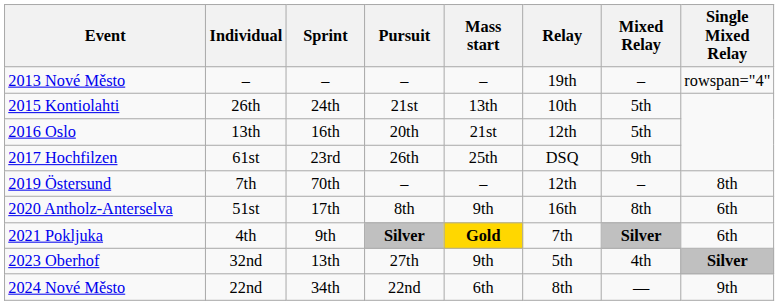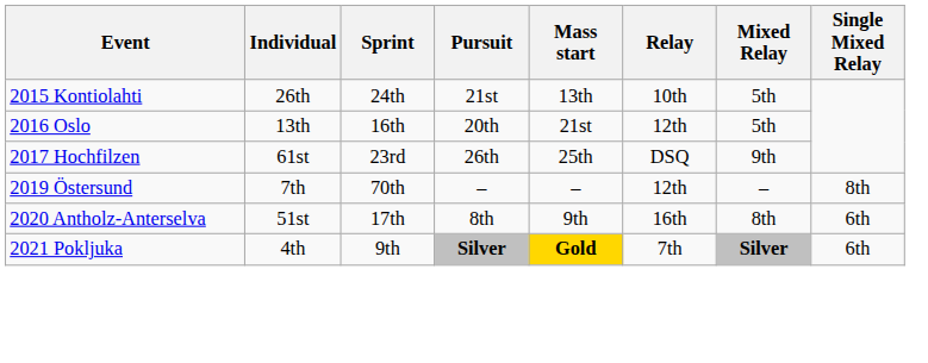 <table class="wikitable" style="text-align: center;">
 <tr>
 <th style="width:190px;">Event</th>
 <th style="width:70px;">Individual</th>
 <th style="width:70px;">Sprint</th>
 <th style="width:70px;">Pursuit</th>
 <th style="width:70px;">Mass start</th>
 <th style="width:70px;">Relay</th>
 <th style="width:70px;">Mixed Relay</th>
 <th style="width:70px;">Single Mixed Relay</th>
-</tr>
-<tr>
-<td align=left> <a href='#'>2013 Nové Město</a></td>
-<td>–</td>
-<td>–</td>
-<td>–</td>
-<td>–</td>
-<td>19th</td>
-<td>–</td>
-<td>rowspan="4" </td>
 </tr>
 <tr>
 <td align=left> <a href='#'>2015 Kontiolahti</a></td>
 <td>26th</td>
 <td>24th</td>
 <td>21st</td>
 <td>13th</td>
 <td>10th</td>
 <td>5th</td>
 </tr>
 <tr>
 <td align=left> <a href='#'>2016 Oslo</a></td>
 <td>13th</td>
 <td>16th</td>
 <td>20th</td>
 <td>21st</td>
 <td>12th</td>
 <td>5th</td>
 </tr>
 <tr>
 <td align=left> <a href='#'>2017 Hochfilzen</a></td>
 <td>61st</td>
 <td>23rd</td>
 <td>26th</td>
 <td>25th</td>
 <td>DSQ</td>
 <td>9th</td>
 </tr>
 <tr>
 <td align=left> <a href='#'>2019 Östersund</a></td>
 <td>7th</td>
 <td>70th</td>
 <td>–</td>
 <td>–</td>
 <td>12th</td>
 <td>–</td>
 <td>8th</td>
 </tr>
 <tr>
 <td align=left> <a href='#'>2020 Antholz-Anterselva</a></td>
 <td>51st</td>
 <td>17th</td>
 <td>8th</td>
 <td>9th</td>
 <td>16th</td>
 <td>8th</td>
 <td>6th</td>
 </tr>
 <tr>
 <td align=left> <a href='#'>2021 Pokljuka</a></td>
 <td>4th</td>
 <td>9th</td>
 <td style="background:silver;"><strong>Silver</strong></td>
 <td style="background:gold;"><strong>Gold</strong></td>
 <td>7th</td>
 <td style="background:silver;"><strong>Silver</strong></td>
 <td>6th</td>
 </tr>
-<tr>
-<td align=left> <a href='#'>2023 Oberhof</a></td>
-<td>32nd</td>
-<td>13th</td>
-<td>27th</td>
-<td>9th</td>
-<td>5th</td>
-<td>4th</td>
-<td style="background:silver;"><strong>Silver</strong></td>
-</tr>
-<tr>
-<td align=left> <a href='#'>2024 Nové Město</a></td>
-<td>22nd</td>
-<td>34th</td>
-<td>22nd</td>
-<td>6th</td>
-<td>8th</td>
-<td>—</td>
-<td>9th</td>
-</tr>
 </table>
